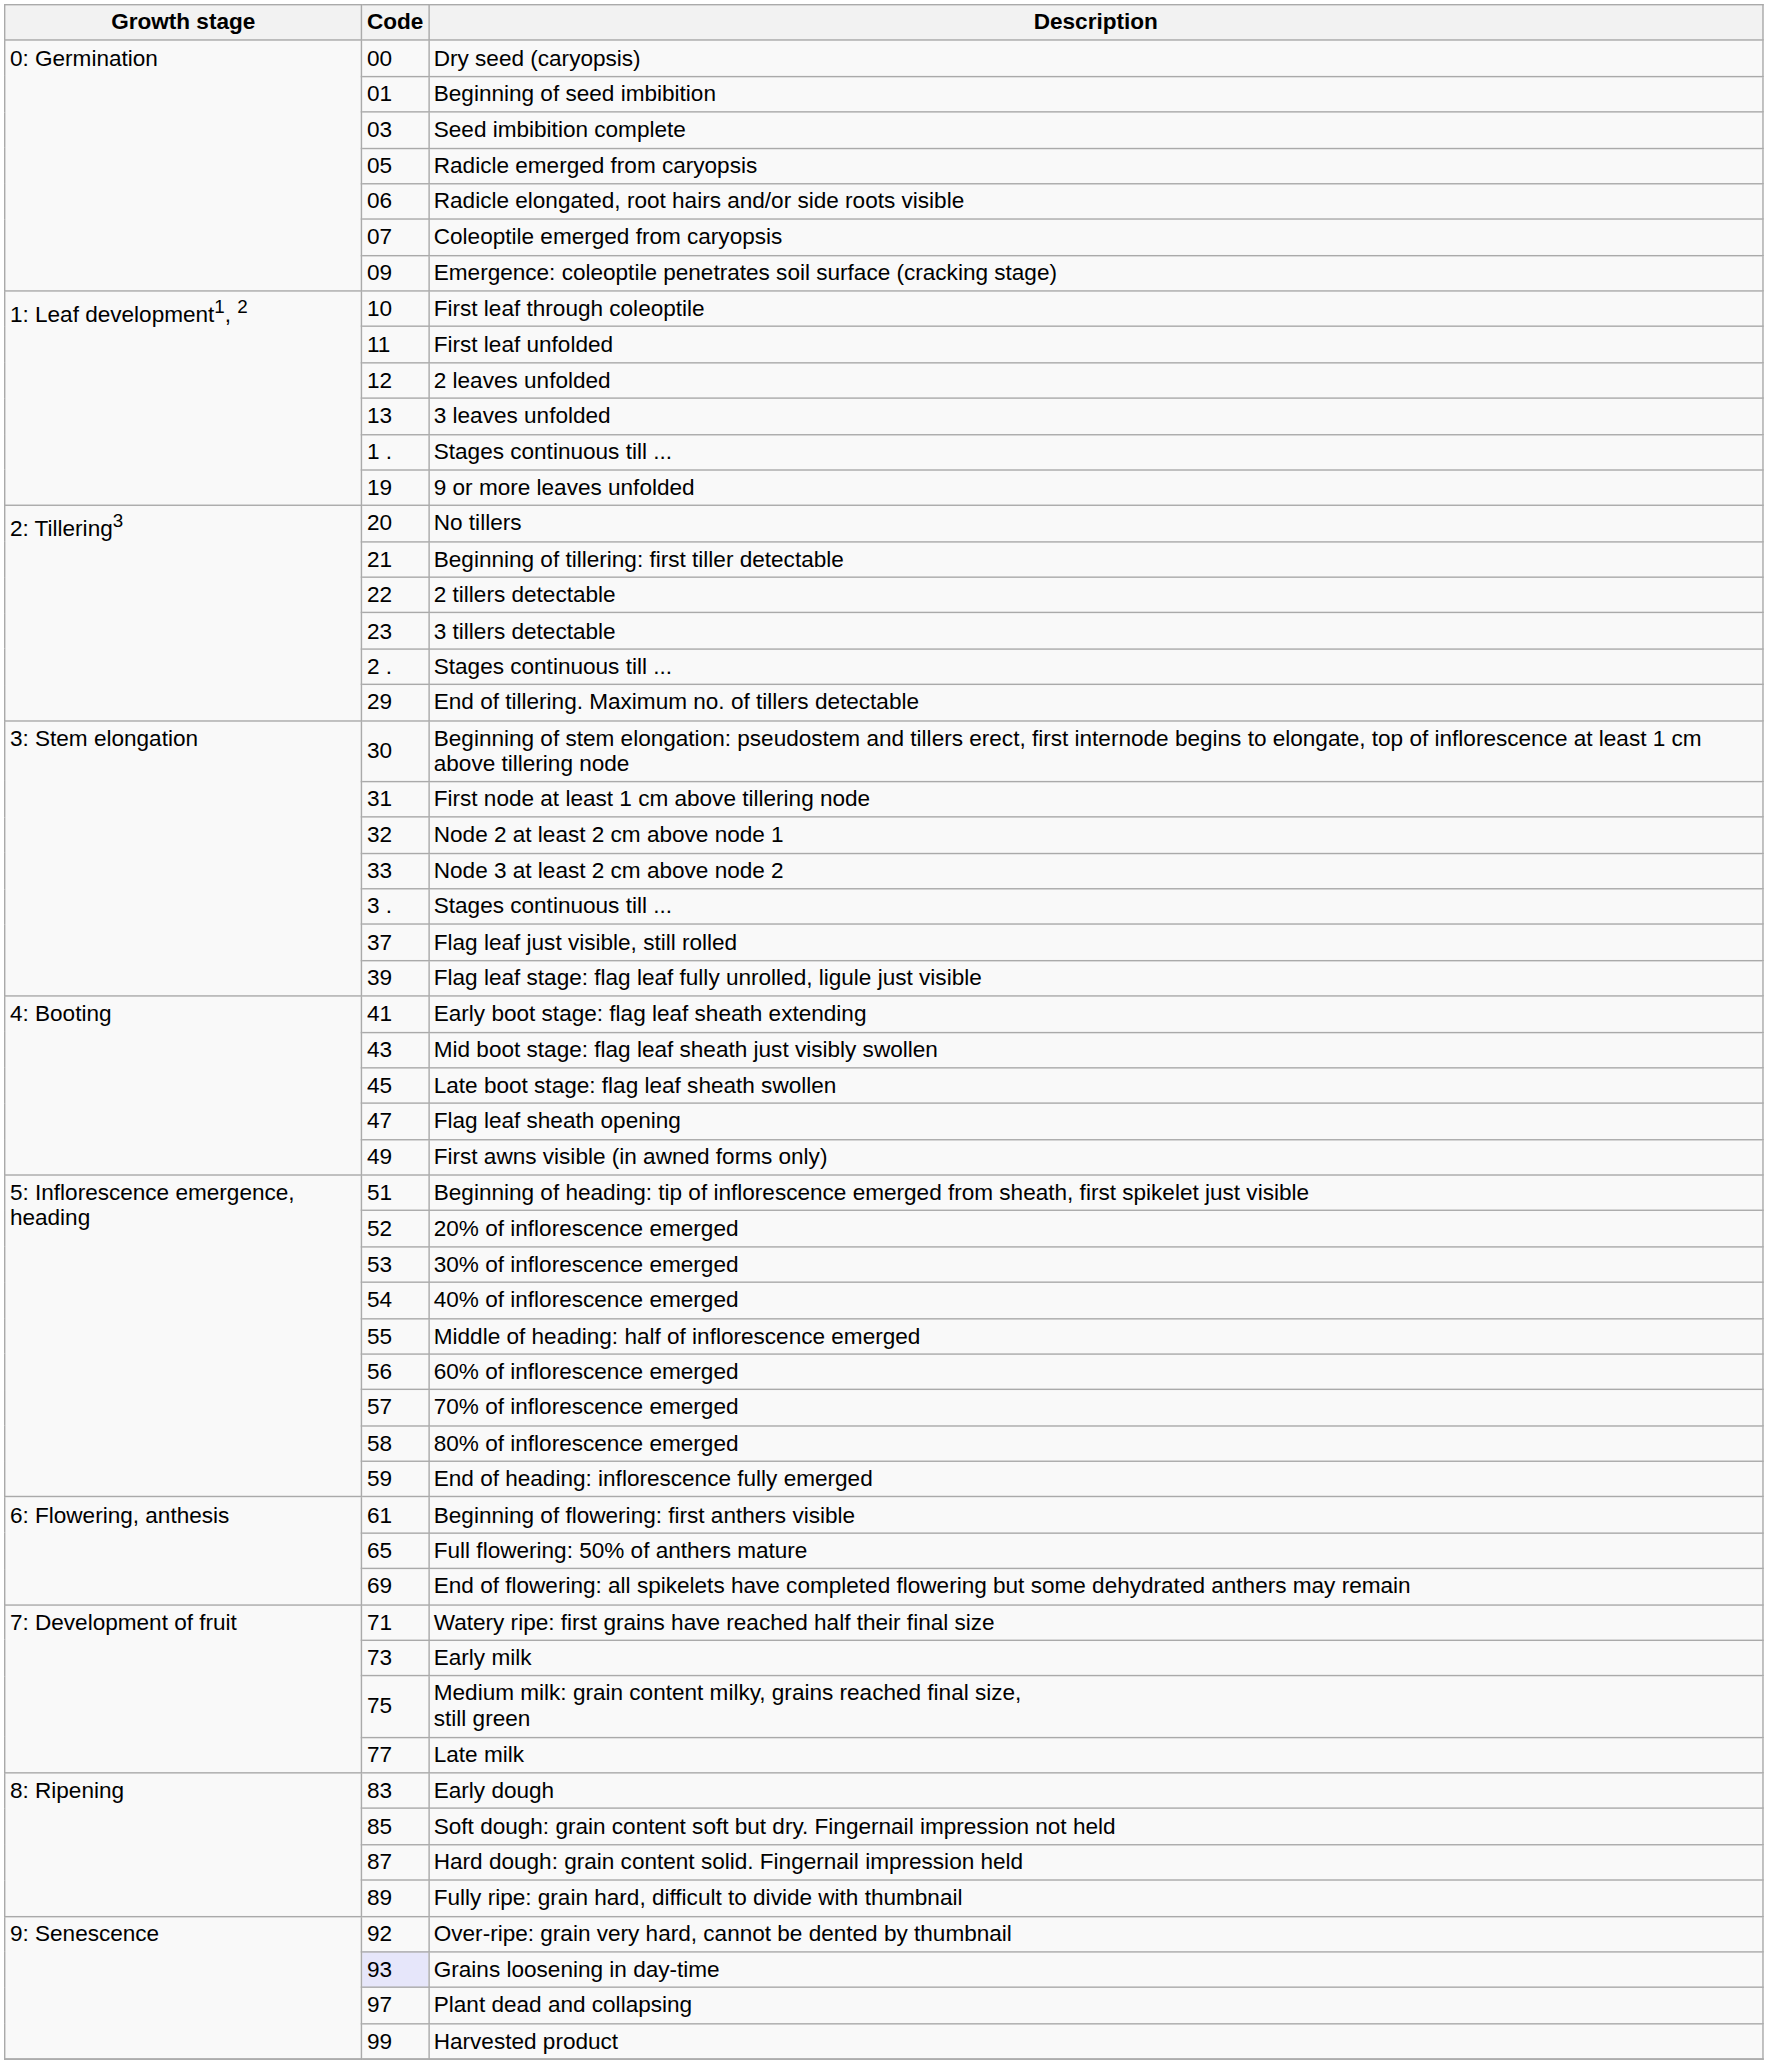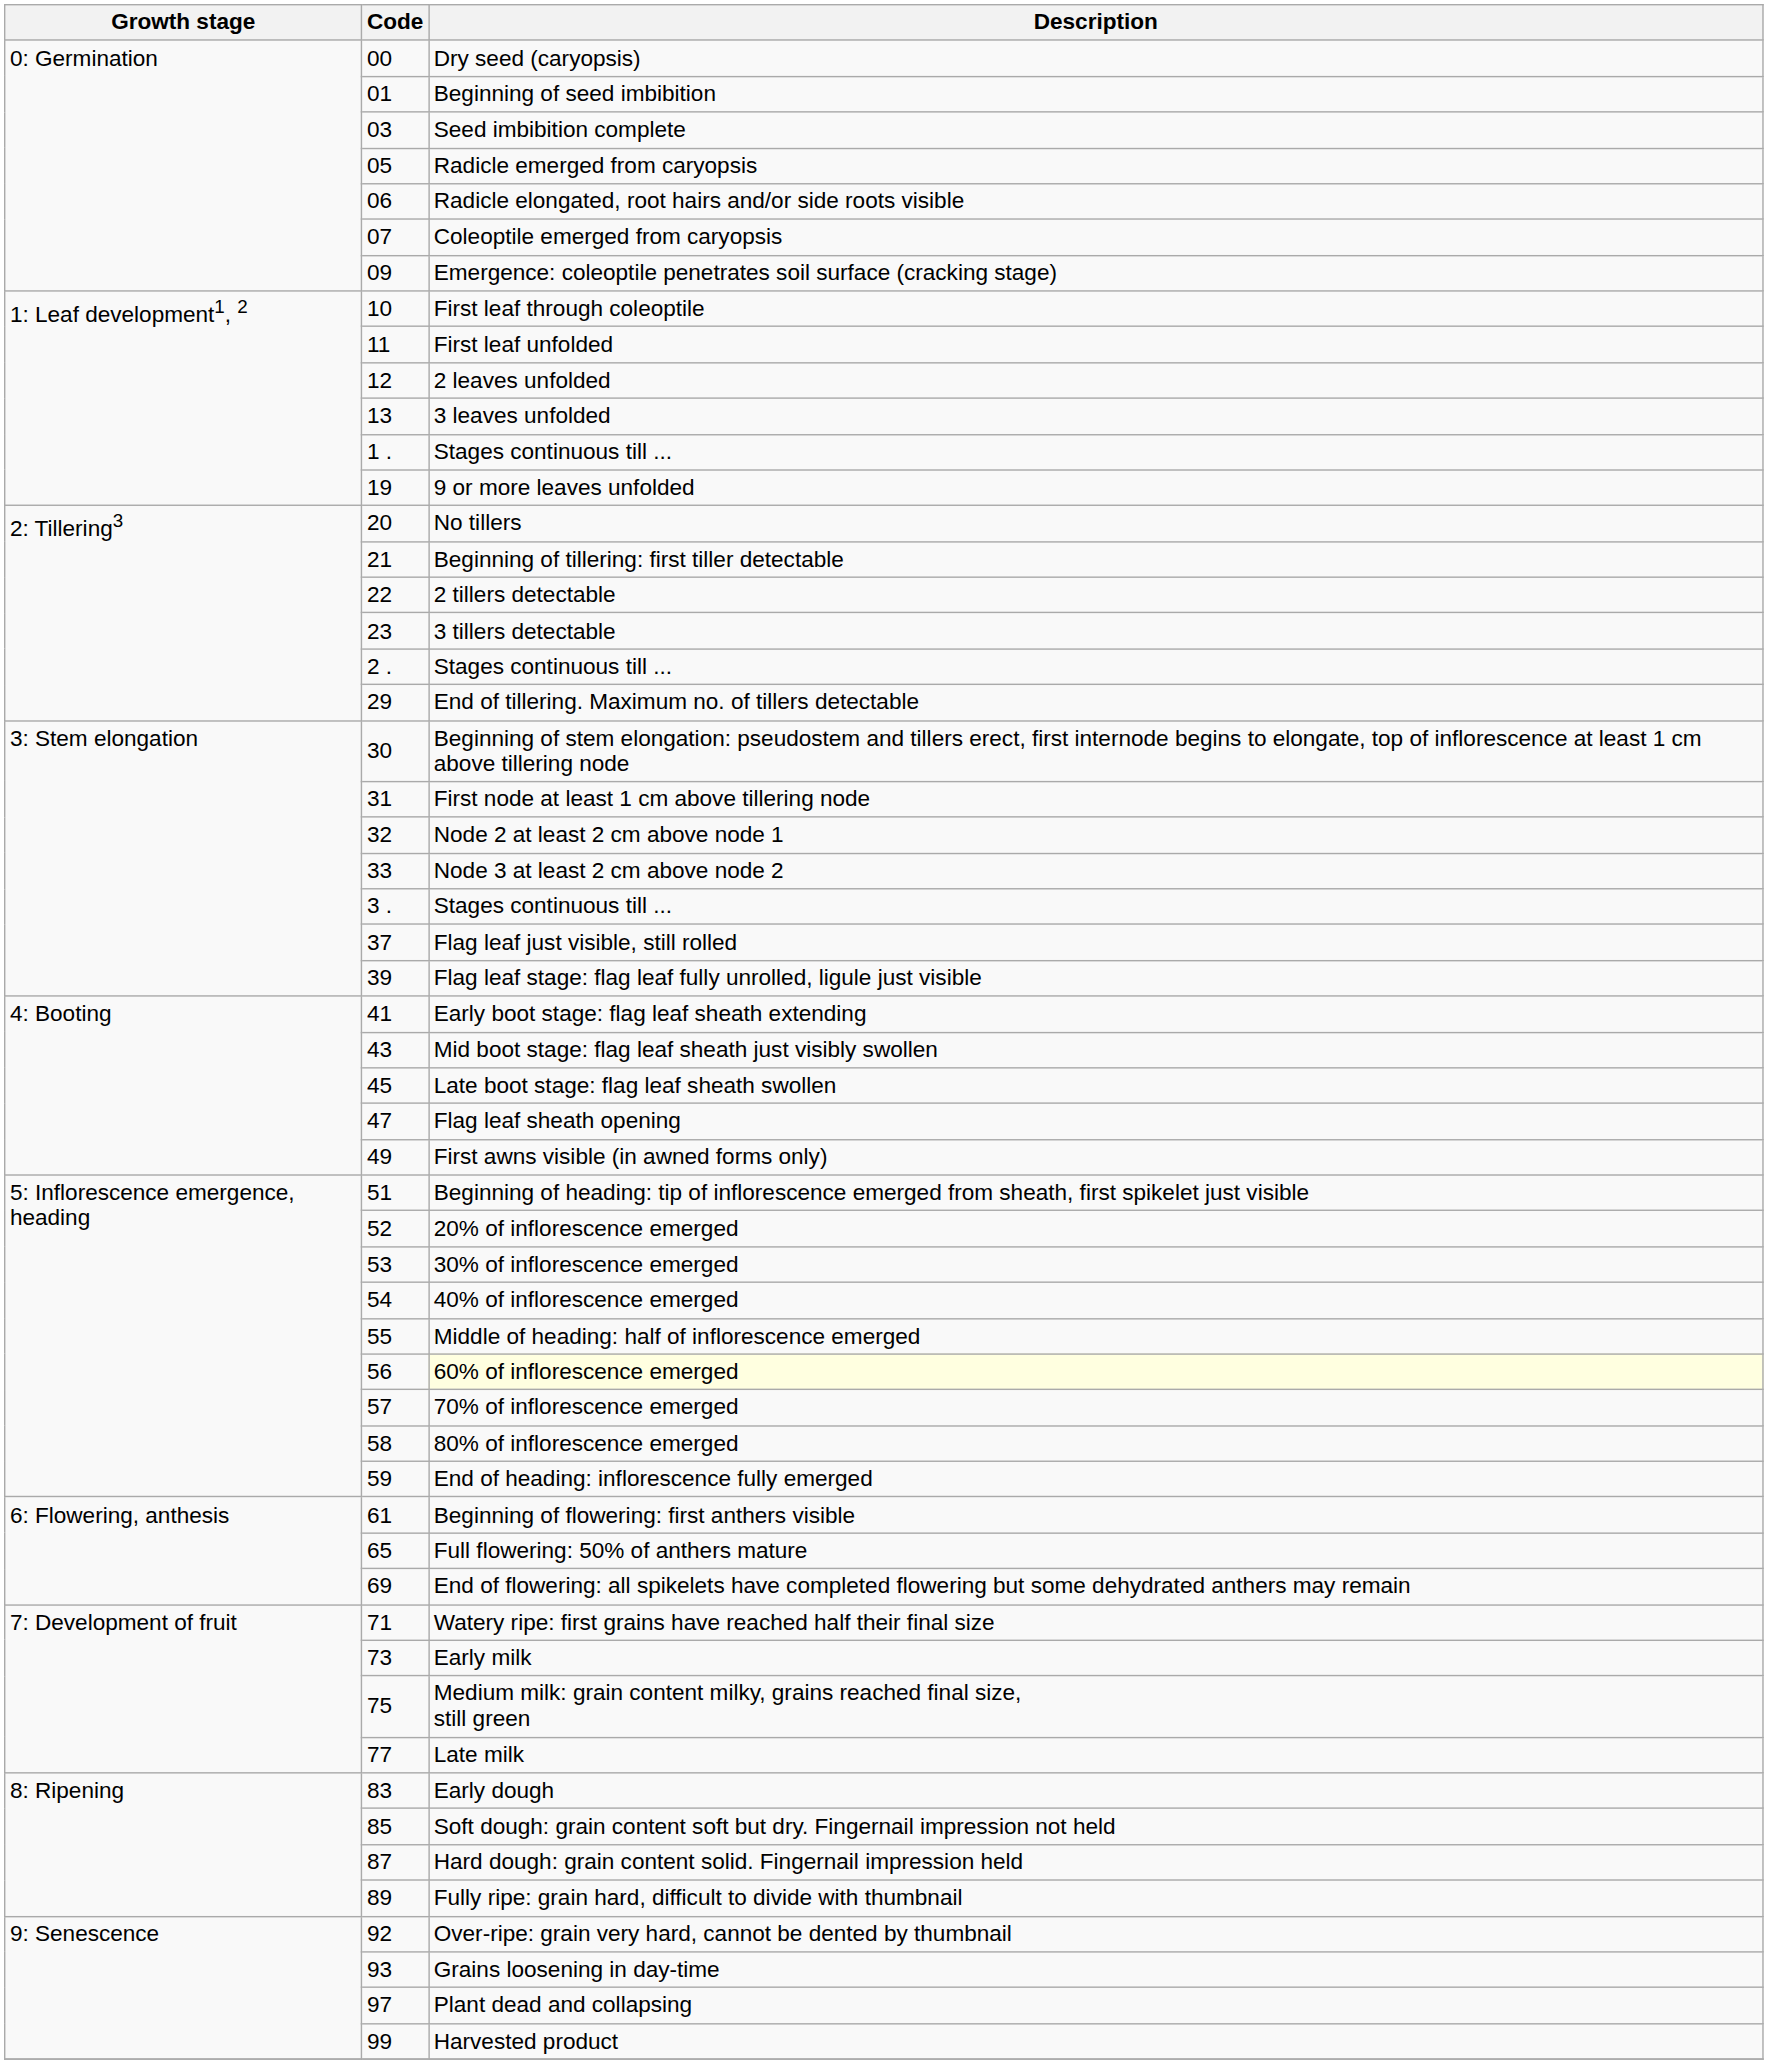 <table class="wikitable" style="clear">
 <tr>
 <th>Growth stage</th>
 <th>Code</th>
 <th>Description</th>
 </tr>
 <tr>
 <td rowspan="7" style="vertical-align:top">0: Germination</td>
 <td>00</td>
 <td>Dry seed (caryopsis)</td>
 </tr>
 <tr>
 <td>01</td>
 <td>Beginning of seed imbibition</td>
 </tr>
 <tr>
 <td>03</td>
 <td>Seed imbibition complete</td>
 </tr>
 <tr>
 <td>05</td>
 <td>Radicle emerged from caryopsis</td>
 </tr>
 <tr>
 <td>06</td>
 <td>Radicle elongated, root hairs and/or side roots visible</td>
 </tr>
 <tr>
 <td>07</td>
 <td>Coleoptile emerged from caryopsis</td>
 </tr>
 <tr>
 <td>09</td>
 <td>Emergence: coleoptile penetrates soil surface (cracking stage)</td>
 </tr>
 <tr>
 <td rowspan="6" style="vertical-align:top">1: Leaf development<sup>1</sup>, <sup>2</sup></td>
 <td>10</td>
 <td>First leaf through coleoptile</td>
 </tr>
 <tr>
 <td>11</td>
 <td>First leaf unfolded</td>
 </tr>
 <tr>
 <td>12</td>
 <td>2 leaves unfolded</td>
 </tr>
 <tr>
 <td>13</td>
 <td>3 leaves unfolded</td>
 </tr>
 <tr>
 <td>1 .</td>
 <td>Stages continuous till ...</td>
 </tr>
 <tr>
 <td>19</td>
 <td>9 or more leaves unfolded</td>
 </tr>
 <tr>
 <td rowspan="6" style="vertical-align:top">2: Tillering<sup>3</sup></td>
 <td>20</td>
 <td>No tillers</td>
 </tr>
 <tr>
 <td>21</td>
 <td>Beginning of tillering: first tiller detectable</td>
 </tr>
 <tr>
 <td>22</td>
 <td>2 tillers detectable</td>
 </tr>
 <tr>
 <td>23</td>
 <td>3 tillers detectable</td>
 </tr>
 <tr>
 <td>2 .</td>
 <td>Stages continuous till ...</td>
 </tr>
 <tr>
 <td>29</td>
 <td>End of tillering. Maximum no. of tillers detectable</td>
 </tr>
 <tr>
 <td rowspan="7" style="vertical-align:top">3: Stem elongation</td>
 <td>30</td>
 <td>Beginning of stem elongation: pseudostem and tillers erect, first internode begins to elongate, top of inflorescence at least 1 cm above tillering node</td>
 </tr>
 <tr>
 <td>31</td>
 <td>First node at least 1 cm above tillering node</td>
 </tr>
 <tr>
 <td>32</td>
 <td>Node 2 at least 2 cm above node 1</td>
 </tr>
 <tr>
 <td>33</td>
 <td>Node 3 at least 2 cm above node 2</td>
 </tr>
 <tr>
 <td>3 .</td>
 <td>Stages continuous till ...</td>
 </tr>
 <tr>
 <td>37</td>
 <td>Flag leaf just visible, still rolled</td>
 </tr>
 <tr>
 <td>39</td>
 <td>Flag leaf stage: flag leaf fully unrolled, ligule just visible</td>
 </tr>
 <tr>
 <td rowspan="5" style="vertical-align:top">4: Booting</td>
 <td>41</td>
 <td>Early boot stage: flag leaf sheath extending</td>
 </tr>
 <tr>
 <td>43</td>
 <td>Mid boot stage: flag leaf sheath just visibly swollen</td>
 </tr>
 <tr>
 <td>45</td>
 <td>Late boot stage: flag leaf sheath swollen</td>
 </tr>
 <tr>
 <td>47</td>
 <td>Flag leaf sheath opening</td>
 </tr>
 <tr>
 <td>49</td>
 <td>First awns visible (in awned forms only)</td>
 </tr>
 <tr>
 <td rowspan="9" style="vertical-align:top">5: Inflorescence emergence, heading</td>
 <td>51</td>
 <td>Beginning of heading: tip of inflorescence emerged from sheath, first spikelet just visible</td>
 </tr>
 <tr>
 <td>52</td>
 <td>20% of inflorescence emerged</td>
 </tr>
 <tr>
 <td>53</td>
 <td>30% of inflorescence emerged</td>
 </tr>
 <tr>
 <td>54</td>
 <td>40% of inflorescence emerged</td>
 </tr>
 <tr>
 <td>55</td>
 <td>Middle of heading: half of inflorescence emerged</td>
 </tr>
 <tr>
 <td>56</td>
-<td>60% of inflorescence emerged</td>
+<td style="background: lightyellow;">60% of inflorescence emerged</td>
 </tr>
 <tr>
 <td>57</td>
 <td>70% of inflorescence emerged</td>
 </tr>
 <tr>
 <td>58</td>
 <td>80% of inflorescence emerged</td>
 </tr>
 <tr>
 <td>59</td>
 <td>End of heading: inflorescence fully emerged</td>
 </tr>
 <tr>
 <td rowspan="3" style="vertical-align:top">6: Flowering, anthesis</td>
 <td>61</td>
 <td>Beginning of flowering: first anthers visible</td>
 </tr>
 <tr>
 <td>65</td>
 <td>Full flowering: 50% of anthers mature</td>
 </tr>
 <tr>
 <td>69</td>
 <td>End of flowering: all spikelets have completed flowering but some dehydrated anthers may remain</td>
 </tr>
 <tr>
 <td rowspan="4" style="vertical-align:top">7: Development of fruit</td>
 <td>71</td>
 <td>Watery ripe: first grains have reached half their final size</td>
 </tr>
 <tr>
 <td>73</td>
 <td>Early milk</td>
 </tr>
 <tr>
 <td>75</td>
 <td>Medium milk: grain content milky, grains reached final size,<br>still green</td>
 </tr>
 <tr>
 <td>77</td>
 <td>Late milk</td>
 </tr>
 <tr>
 <td rowspan="4" style="vertical-align:top">8: Ripening</td>
 <td>83</td>
 <td>Early dough</td>
 </tr>
 <tr>
 <td>85</td>
 <td>Soft dough: grain content soft but dry. Fingernail impression not held</td>
 </tr>
 <tr>
 <td>87</td>
 <td>Hard dough: grain content solid. Fingernail impression held</td>
 </tr>
 <tr>
 <td>89</td>
 <td>Fully ripe: grain hard, difficult to divide with thumbnail</td>
 </tr>
 <tr>
 <td rowspan="4" style="vertical-align:top">9: Senescence</td>
 <td>92</td>
 <td>Over-ripe: grain very hard, cannot be dented by thumbnail</td>
 </tr>
 <tr>
-<td style="background: lavender;">93</td>
+<td>93</td>
 <td>Grains loosening in day-time</td>
 </tr>
 <tr>
 <td>97</td>
 <td>Plant dead and collapsing</td>
 </tr>
 <tr>
 <td>99</td>
 <td>Harvested product</td>
 </tr>
 <tr>
 </tr>
 </table>
